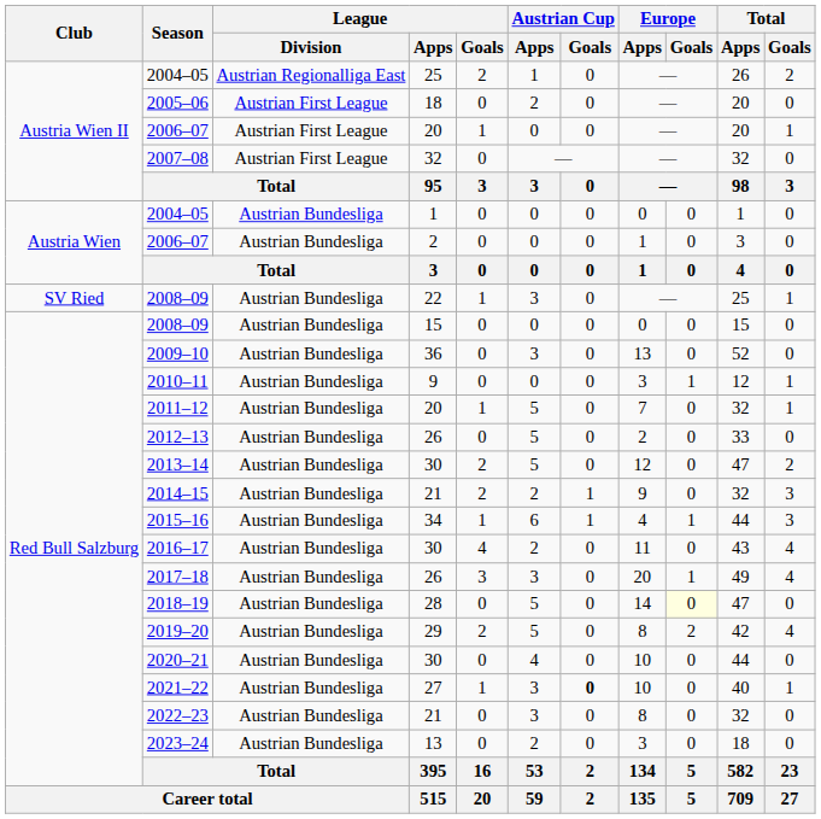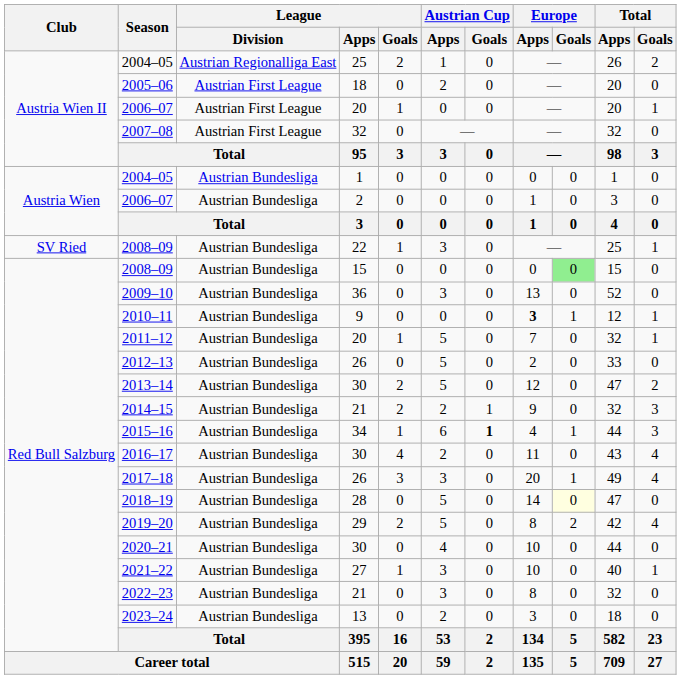 <table class="wikitable" Style="text-align: center">
 <tr>
 <th rowspan="2">Club</th>
 <th rowspan="2">Season</th>
 <th colspan="3">League</th>
 <th colspan="2"><a href='#'>Austrian Cup</a></th>
 <th colspan="2"><a href='#'>Europe</a></th>
 <th colspan="2">Total</th>
 </tr>
 <tr>
 <th>Division</th>
 <th>Apps</th>
 <th>Goals</th>
 <th>Apps</th>
 <th>Goals</th>
 <th>Apps</th>
 <th>Goals</th>
 <th>Apps</th>
 <th>Goals</th>
 </tr>
 <tr>
 <td rowspan="5"><a href='#'>Austria Wien II</a></td>
 <td>2004–05</td>
 <td><a href='#'>Austrian Regionalliga East</a></td>
 <td>25</td>
 <td>2</td>
 <td>1</td>
 <td>0</td>
 <td colspan="2">—</td>
 <td>26</td>
 <td>2</td>
 </tr>
 <tr>
 <td><a href='#'>2005–06</a></td>
 <td><a href='#'>Austrian First League</a></td>
 <td>18</td>
 <td>0</td>
 <td>2</td>
 <td>0</td>
 <td colspan="2">—</td>
 <td>20</td>
 <td>0</td>
 </tr>
 <tr>
 <td><a href='#'>2006–07</a></td>
 <td>Austrian First League</td>
 <td>20</td>
 <td>1</td>
 <td>0</td>
 <td>0</td>
 <td colspan="2">—</td>
 <td>20</td>
 <td>1</td>
 </tr>
 <tr>
 <td><a href='#'>2007–08</a></td>
 <td>Austrian First League</td>
 <td>32</td>
 <td>0</td>
 <td colspan="2">—</td>
 <td colspan="2">—</td>
 <td>32</td>
 <td>0</td>
 </tr>
 <tr>
 <th colspan="2">Total</th>
 <th>95</th>
 <th>3</th>
 <th>3</th>
 <th>0</th>
 <th colspan="2">—</th>
 <th>98</th>
 <th>3</th>
 </tr>
 <tr>
 <td rowspan="3"><a href='#'>Austria Wien</a></td>
 <td><a href='#'>2004–05</a></td>
 <td><a href='#'>Austrian Bundesliga</a></td>
 <td>1</td>
 <td>0</td>
 <td>0</td>
 <td>0</td>
 <td>0</td>
 <td>0</td>
 <td>1</td>
 <td>0</td>
 </tr>
 <tr>
 <td><a href='#'>2006–07</a></td>
 <td>Austrian Bundesliga</td>
 <td>2</td>
 <td>0</td>
 <td>0</td>
 <td>0</td>
 <td>1</td>
 <td>0</td>
 <td>3</td>
 <td>0</td>
 </tr>
 <tr>
 <th colspan="2">Total</th>
 <th>3</th>
 <th>0</th>
 <th>0</th>
 <th>0</th>
 <th>1</th>
 <th>0</th>
 <th>4</th>
 <th>0</th>
 </tr>
 <tr>
 <td><a href='#'>SV Ried</a></td>
 <td><a href='#'>2008–09</a></td>
 <td>Austrian Bundesliga</td>
 <td>22</td>
 <td>1</td>
 <td>3</td>
 <td>0</td>
 <td colspan="2">—</td>
 <td>25</td>
 <td>1</td>
 </tr>
 <tr>
 <td rowspan="17"><a href='#'>Red Bull Salzburg</a></td>
 <td><a href='#'>2008–09</a></td>
 <td>Austrian Bundesliga</td>
 <td>15</td>
 <td>0</td>
 <td>0</td>
 <td>0</td>
 <td>0</td>
-<td>0</td>
+<td style="background: lightgreen;">0</td>
 <td>15</td>
 <td>0</td>
 </tr>
 <tr>
 <td><a href='#'>2009–10</a></td>
 <td>Austrian Bundesliga</td>
 <td>36</td>
 <td>0</td>
 <td>3</td>
 <td>0</td>
 <td>13</td>
 <td>0</td>
 <td>52</td>
 <td>0</td>
 </tr>
 <tr>
 <td><a href='#'>2010–11</a></td>
 <td>Austrian Bundesliga</td>
 <td>9</td>
 <td>0</td>
 <td>0</td>
 <td>0</td>
-<td>3</td>
+<td><strong>3</strong></td>
 <td>1</td>
 <td>12</td>
 <td>1</td>
 </tr>
 <tr>
 <td><a href='#'>2011–12</a></td>
 <td>Austrian Bundesliga</td>
 <td>20</td>
 <td>1</td>
 <td>5</td>
 <td>0</td>
 <td>7</td>
 <td>0</td>
 <td>32</td>
 <td>1</td>
 </tr>
 <tr>
 <td><a href='#'>2012–13</a></td>
 <td>Austrian Bundesliga</td>
 <td>26</td>
 <td>0</td>
 <td>5</td>
 <td>0</td>
 <td>2</td>
 <td>0</td>
 <td>33</td>
 <td>0</td>
 </tr>
 <tr>
 <td><a href='#'>2013–14</a></td>
 <td>Austrian Bundesliga</td>
 <td>30</td>
 <td>2</td>
 <td>5</td>
 <td>0</td>
 <td>12</td>
 <td>0</td>
 <td>47</td>
 <td>2</td>
 </tr>
 <tr>
 <td><a href='#'>2014–15</a></td>
 <td>Austrian Bundesliga</td>
 <td>21</td>
 <td>2</td>
 <td>2</td>
 <td>1</td>
 <td>9</td>
 <td>0</td>
 <td>32</td>
 <td>3</td>
 </tr>
 <tr>
 <td><a href='#'>2015–16</a></td>
 <td>Austrian Bundesliga</td>
 <td>34</td>
 <td>1</td>
 <td>6</td>
-<td>1</td>
+<td><strong>1</strong></td>
 <td>4</td>
 <td>1</td>
 <td>44</td>
 <td>3</td>
 </tr>
 <tr>
 <td><a href='#'>2016–17</a></td>
 <td>Austrian Bundesliga</td>
 <td>30</td>
 <td>4</td>
 <td>2</td>
 <td>0</td>
 <td>11</td>
 <td>0</td>
 <td>43</td>
 <td>4</td>
 </tr>
 <tr>
 <td><a href='#'>2017–18</a></td>
 <td>Austrian Bundesliga</td>
 <td>26</td>
 <td>3</td>
 <td>3</td>
 <td>0</td>
 <td>20</td>
 <td>1</td>
 <td>49</td>
 <td>4</td>
 </tr>
 <tr>
 <td><a href='#'>2018–19</a></td>
 <td>Austrian Bundesliga</td>
 <td>28</td>
 <td>0</td>
 <td>5</td>
 <td>0</td>
 <td>14</td>
 <td style="background: lightyellow;">0</td>
 <td>47</td>
 <td>0</td>
 </tr>
 <tr>
 <td><a href='#'>2019–20</a></td>
 <td>Austrian Bundesliga</td>
 <td>29</td>
 <td>2</td>
 <td>5</td>
 <td>0</td>
 <td>8</td>
 <td>2</td>
 <td>42</td>
 <td>4</td>
 </tr>
 <tr>
 <td><a href='#'>2020–21</a></td>
 <td>Austrian Bundesliga</td>
 <td>30</td>
 <td>0</td>
 <td>4</td>
 <td>0</td>
 <td>10</td>
 <td>0</td>
 <td>44</td>
 <td>0</td>
 </tr>
 <tr>
 <td><a href='#'>2021–22</a></td>
 <td>Austrian Bundesliga</td>
 <td>27</td>
 <td>1</td>
 <td>3</td>
-<td><strong>0</strong></td>
+<td>0</td>
 <td>10</td>
 <td>0</td>
 <td>40</td>
 <td>1</td>
 </tr>
 <tr>
 <td><a href='#'>2022–23</a></td>
 <td>Austrian Bundesliga</td>
 <td>21</td>
 <td>0</td>
 <td>3</td>
 <td>0</td>
 <td>8</td>
 <td>0</td>
 <td>32</td>
 <td>0</td>
 </tr>
 <tr>
 <td><a href='#'>2023–24</a></td>
 <td>Austrian Bundesliga</td>
 <td>13</td>
 <td>0</td>
 <td>2</td>
 <td>0</td>
 <td>3</td>
 <td>0</td>
 <td>18</td>
 <td>0</td>
 </tr>
 <tr>
 <th colspan="2">Total</th>
 <th>395</th>
 <th>16</th>
 <th>53</th>
 <th>2</th>
 <th>134</th>
 <th>5</th>
 <th>582</th>
 <th>23</th>
 </tr>
 <tr>
 <th colspan="3">Career total</th>
 <th>515</th>
 <th>20</th>
 <th>59</th>
 <th>2</th>
 <th>135</th>
 <th>5</th>
 <th>709</th>
 <th>27</th>
 </tr>
 </table>
